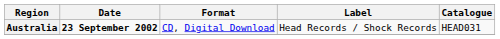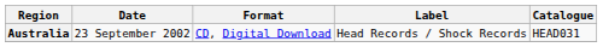 <table class="wikitable plainrowheaders">
 <tr>
 <th scope="col">Region</th>
 <th scope="col">Date</th>
 <th scope="col">Format</th>
 <th scope="col">Label</th>
 <th scope="col">Catalogue</th>
 </tr>
 <tr>
 <th scope="row">Australia</th>
-<td><strong>23 September 2002</strong></td>
+<td>23 September 2002</td>
 <td><a href='#'>CD</a>, <a href='#'>Digital Download</a></td>
 <td>Head Records / Shock Records</td>
 <td>HEAD031</td>
 </tr>
 <tr>
 </tr>
 </table>
